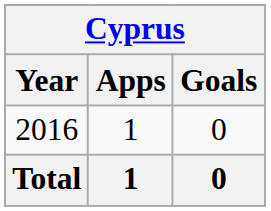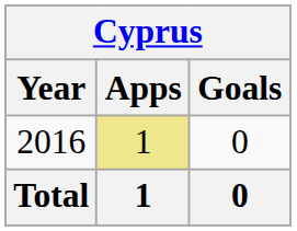 <table class="wikitable" style="text-align:center">
 <tr>
 <th colspan=3><a href='#'>Cyprus</a></th>
 </tr>
 <tr>
 <th>Year</th>
 <th>Apps</th>
 <th>Goals</th>
 </tr>
 <tr>
 <td>2016</td>
-<td>1</td>
+<td style="background: khaki;">1</td>
 <td>0</td>
 </tr>
 <tr>
 <th>Total</th>
 <th>1</th>
 <th>0</th>
 </tr>
 </table>
